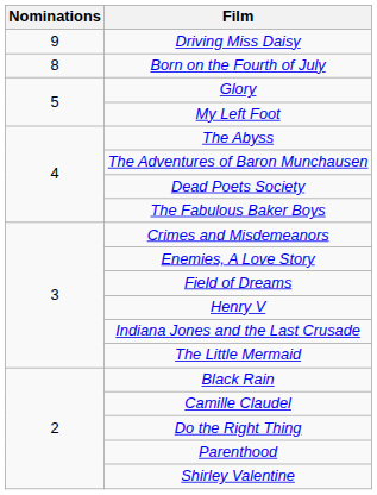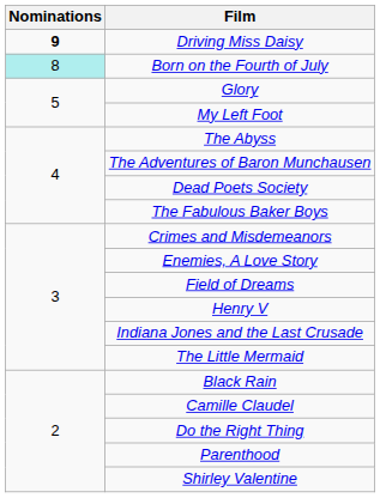 <table class="wikitable" style="text-align: center;">
 <tr>
 <th scope="col" style="width:55px;">Nominations</th>
 <th scope="col" style="text-align:center;">Film</th>
 </tr>
 <tr>
-<td style="text-align: center;">9</td>
+<td style="text-align: center;"><strong>9</strong></td>
 <td><em><a href='#'>Driving Miss Daisy</a></em></td>
 </tr>
 <tr>
-<td style="text-align: center;">8</td>
+<td style="background: paleturquoise; text-align: center;">8</td>
 <td><em><a href='#'>Born on the Fourth of July</a></em></td>
 </tr>
 <tr>
 <td rowspan=2 style="text-align:center">5</td>
 <td><em><a href='#'>Glory</a></em></td>
 </tr>
 <tr>
 <td><em><a href='#'>My Left Foot</a></em></td>
 </tr>
 <tr>
 <td rowspan=4 style="text-align:center">4</td>
 <td><em><a href='#'>The Abyss</a></em></td>
 </tr>
 <tr>
 <td><em><a href='#'>The Adventures of Baron Munchausen</a></em></td>
 </tr>
 <tr>
 <td><em><a href='#'>Dead Poets Society</a></em></td>
 </tr>
 <tr>
 <td><em><a href='#'>The Fabulous Baker Boys</a></em></td>
 </tr>
 <tr>
 <td rowspan=6 style="text-align:center">3</td>
 <td><em><a href='#'>Crimes and Misdemeanors</a></em></td>
 </tr>
 <tr>
 <td><em><a href='#'>Enemies, A Love Story</a></em></td>
 </tr>
 <tr>
 <td><em><a href='#'>Field of Dreams</a></em></td>
 </tr>
 <tr>
 <td><em><a href='#'>Henry V</a></em></td>
 </tr>
 <tr>
 <td><em><a href='#'>Indiana Jones and the Last Crusade</a></em></td>
 </tr>
 <tr>
 <td><em><a href='#'>The Little Mermaid</a></em></td>
 </tr>
 <tr>
 <td rowspan=5 style="text-align:center">2</td>
 <td><em><a href='#'>Black Rain</a></em></td>
 </tr>
 <tr>
 <td><em><a href='#'>Camille Claudel</a></em></td>
 </tr>
 <tr>
 <td><em><a href='#'>Do the Right Thing</a></em></td>
 </tr>
 <tr>
 <td><em><a href='#'>Parenthood</a></em></td>
 </tr>
 <tr>
 <td><em><a href='#'>Shirley Valentine</a></em></td>
 </tr>
 </table>
